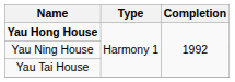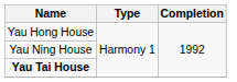 <table class="wikitable" style="text-align: center">
 <tr>
 <th>Name</th>
 <th>Type</th>
 <th>Completion</th>
 </tr>
 <tr>
-<td><strong>Yau Hong House</strong></td>
+<td>Yau Hong House</td>
 <td rowspan="3">Harmony 1</td>
 <td rowspan="3">1992</td>
 </tr>
 <tr>
 <td>Yau Ning House</td>
 </tr>
 <tr>
-<td>Yau Tai House</td>
+<td><strong>Yau Tai House</strong></td>
 </tr>
 <tr>
 </tr>
 </table>
